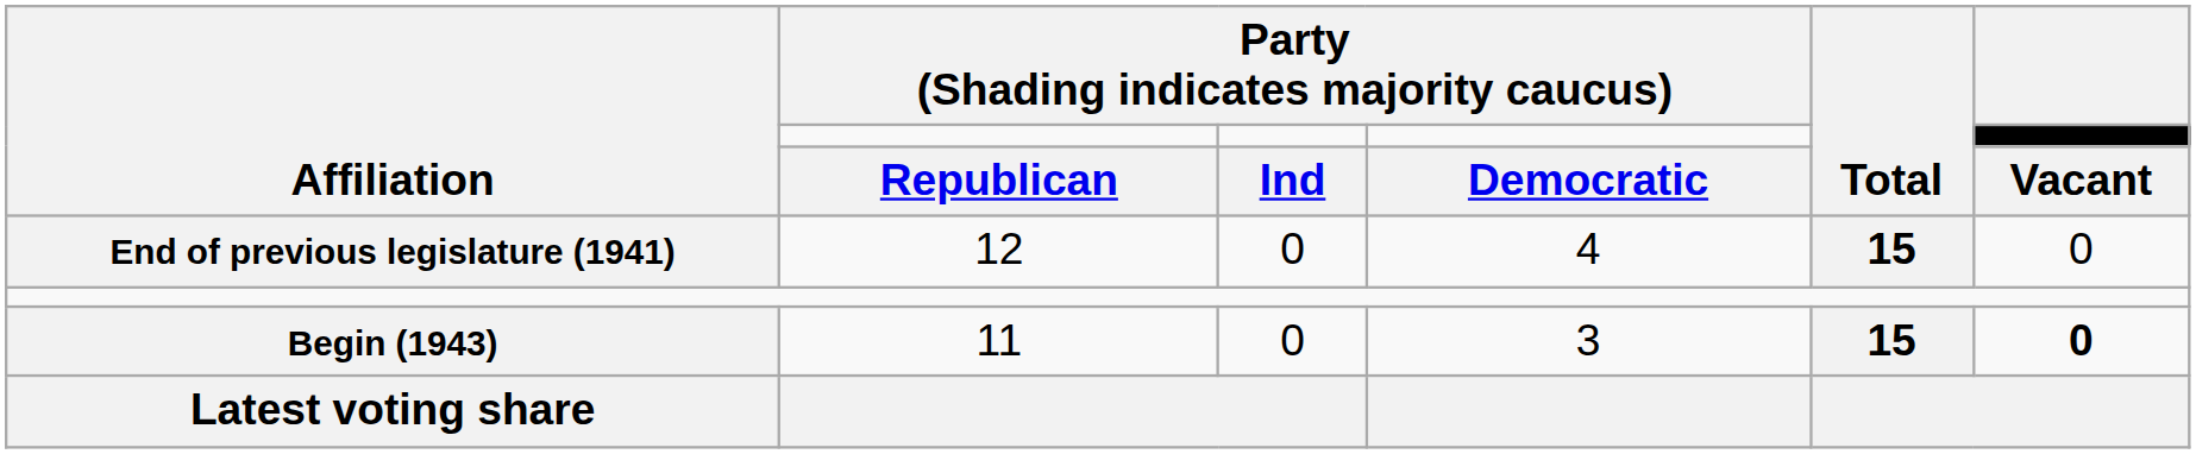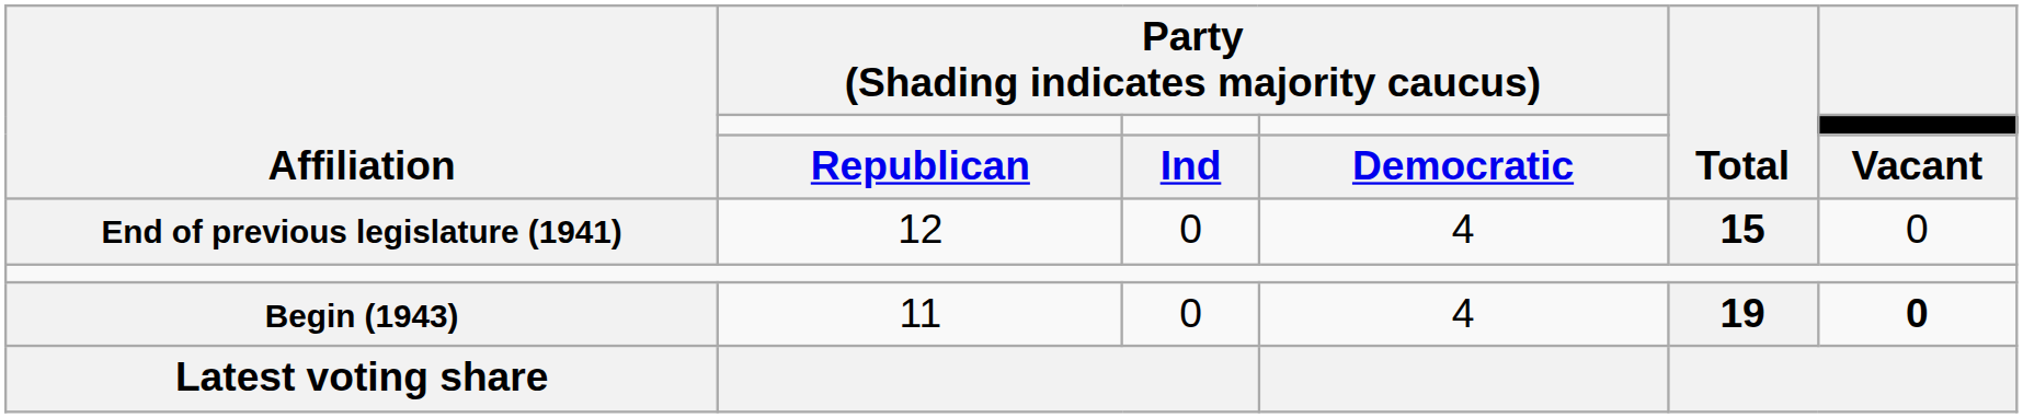 <table class=wikitable style="text-align:center; width:50%">
 <tr style="vertical-align:bottom;">
 <th rowspan=3>Affiliation</th>
 <th colspan=3>Party <div>(Shading indicates majority caucus)</div></th>
 <th rowspan=3>Total</th>
 <th></th>
 </tr>
 <tr style="height:5px">
 <td style="background-color:"></td>
 <td style="background-color:"></td>
 <td style="background-color:"></td>
 <td style="background-color:black"></td>
 </tr>
 <tr>
 <th><a href='#'>Republican</a></th>
 <th><a href='#'>Ind</a></th>
 <th><a href='#'>Democratic</a></th>
 <th>Vacant</th>
 </tr>
 <tr>
 <th nowrap style="font-size:80%">End of previous legislature (1941)</th>
 <td>12</td>
 <td>0</td>
 <td>4</td>
 <th>15</th>
 <td>0</td>
 </tr>
 <tr>
 <td colspan=6></td>
 </tr>
 <tr>
 <th nowrap style="font-size:80%">Begin (1943)</th>
 <td>11</td>
 <td>0</td>
-<td>3</td>
-<th>15</th>
+<td>4</td>
+<th>19</th>
 <td><strong>0</strong></td>
 </tr>
 <tr>
 <th>Latest voting share</th>
 <th colspan=2 ></th>
 <th></th>
 <th colspan=2></th>
 </tr>
 </table>
